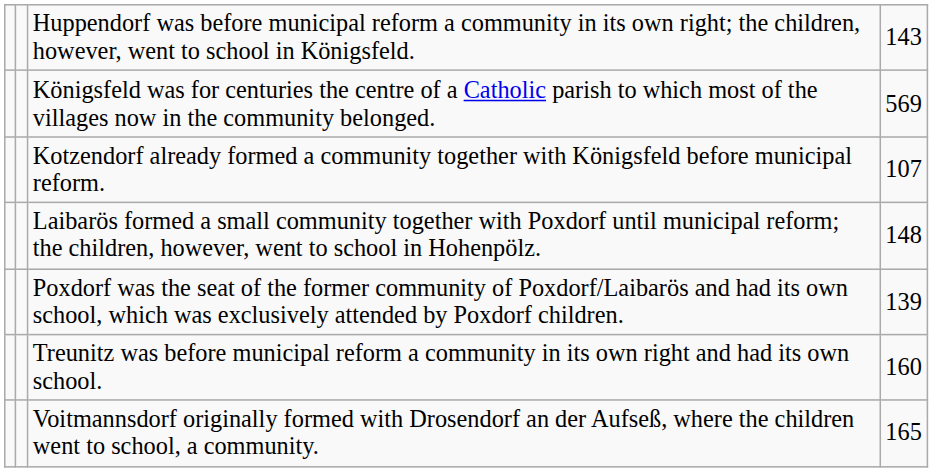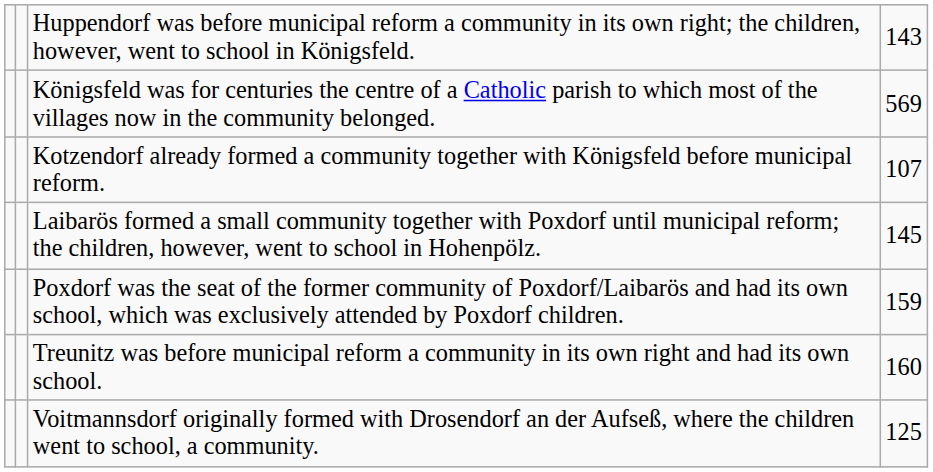 <table class="wikitable">
 <tr>
 <td></td>
 <td></td>
 <td>Huppendorf was before municipal reform a community in its own right; the children, however, went to school in Königsfeld.</td>
 <td>143</td>
 </tr>
 <tr>
 <td></td>
 <td></td>
 <td>Königsfeld was for centuries the centre of a <a href='#'>Catholic</a> parish to which most of the villages now in the community belonged.</td>
 <td>569</td>
 </tr>
 <tr>
 <td></td>
 <td></td>
 <td>Kotzendorf already formed a community together with Königsfeld before municipal reform.</td>
 <td>107</td>
 </tr>
 <tr>
 <td></td>
 <td></td>
 <td>Laibarös formed a small community together with Poxdorf until municipal reform; the children, however, went to school in Hohenpölz.</td>
-<td>148</td>
+<td>145</td>
 </tr>
 <tr>
 <td></td>
 <td></td>
 <td>Poxdorf was the seat of the former community of Poxdorf/Laibarös and had its own school, which was exclusively attended by Poxdorf children.</td>
-<td>139</td>
+<td>159</td>
 </tr>
 <tr>
 <td></td>
 <td></td>
 <td>Treunitz was before municipal reform a community in its own right and had its own school.</td>
 <td>160</td>
 </tr>
 <tr>
 <td></td>
 <td></td>
 <td>Voitmannsdorf originally formed with Drosendorf an der Aufseß, where the children went to school,  a community.</td>
-<td>165</td>
+<td>125</td>
 </tr>
 </table>
